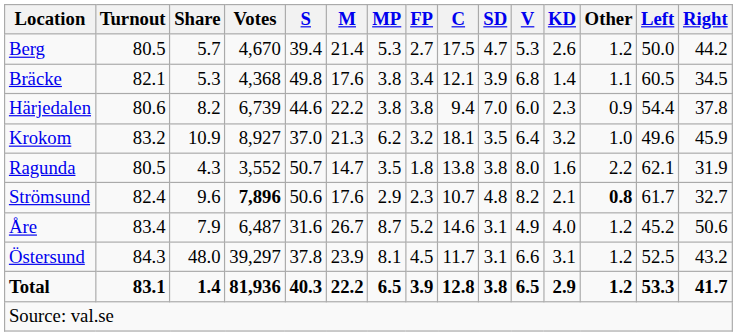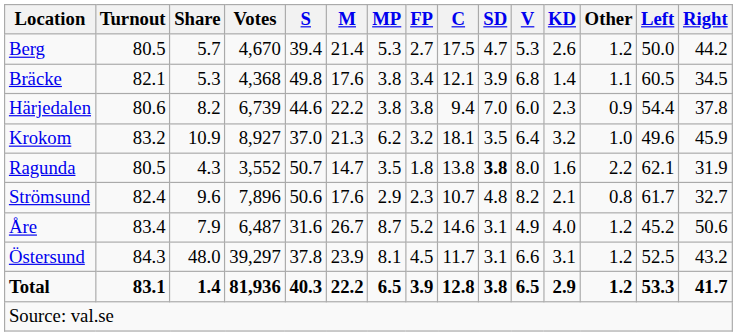 <table class="wikitable sortable" style=text-align:right>
 <tr>
 <th>Location</th>
 <th>Turnout</th>
 <th>Share</th>
 <th>Votes</th>
 <th><a href='#'>S</a></th>
 <th><a href='#'>M</a></th>
 <th><a href='#'>MP</a></th>
 <th><a href='#'>FP</a></th>
 <th><a href='#'>C</a></th>
 <th><a href='#'>SD</a></th>
 <th><a href='#'>V</a></th>
 <th><a href='#'>KD</a></th>
 <th>Other</th>
 <th><a href='#'>Left</a></th>
 <th><a href='#'>Right</a></th>
 </tr>
 <tr>
 <td align=left><a href='#'>Berg</a></td>
 <td>80.5</td>
 <td>5.7</td>
 <td>4,670</td>
 <td>39.4</td>
 <td>21.4</td>
 <td>5.3</td>
 <td>2.7</td>
 <td>17.5</td>
 <td>4.7</td>
 <td>5.3</td>
 <td>2.6</td>
 <td>1.2</td>
 <td>50.0</td>
 <td>44.2</td>
 </tr>
 <tr>
 <td align=left><a href='#'>Bräcke</a></td>
 <td>82.1</td>
 <td>5.3</td>
 <td>4,368</td>
 <td>49.8</td>
 <td>17.6</td>
 <td>3.8</td>
 <td>3.4</td>
 <td>12.1</td>
 <td>3.9</td>
 <td>6.8</td>
 <td>1.4</td>
 <td>1.1</td>
 <td>60.5</td>
 <td>34.5</td>
 </tr>
 <tr>
 <td align=left><a href='#'>Härjedalen</a></td>
 <td>80.6</td>
 <td>8.2</td>
 <td>6,739</td>
 <td>44.6</td>
 <td>22.2</td>
 <td>3.8</td>
 <td>3.8</td>
 <td>9.4</td>
 <td>7.0</td>
 <td>6.0</td>
 <td>2.3</td>
 <td>0.9</td>
 <td>54.4</td>
 <td>37.8</td>
 </tr>
 <tr>
 <td align=left><a href='#'>Krokom</a></td>
 <td>83.2</td>
 <td>10.9</td>
 <td>8,927</td>
 <td>37.0</td>
 <td>21.3</td>
 <td>6.2</td>
 <td>3.2</td>
 <td>18.1</td>
 <td>3.5</td>
 <td>6.4</td>
 <td>3.2</td>
 <td>1.0</td>
 <td>49.6</td>
 <td>45.9</td>
 </tr>
 <tr>
 <td align=left><a href='#'>Ragunda</a></td>
 <td>80.5</td>
 <td>4.3</td>
 <td>3,552</td>
 <td>50.7</td>
 <td>14.7</td>
 <td>3.5</td>
 <td>1.8</td>
 <td>13.8</td>
-<td>3.8</td>
+<td><strong>3.8</strong></td>
 <td>8.0</td>
 <td>1.6</td>
 <td>2.2</td>
 <td>62.1</td>
 <td>31.9</td>
 </tr>
 <tr>
 <td align=left><a href='#'>Strömsund</a></td>
 <td>82.4</td>
 <td>9.6</td>
-<td><strong>7,896</strong></td>
+<td>7,896</td>
 <td>50.6</td>
 <td>17.6</td>
 <td>2.9</td>
 <td>2.3</td>
 <td>10.7</td>
 <td>4.8</td>
 <td>8.2</td>
 <td>2.1</td>
-<td><strong>0.8</strong></td>
+<td>0.8</td>
 <td>61.7</td>
 <td>32.7</td>
 </tr>
 <tr>
 <td align=left><a href='#'>Åre</a></td>
 <td>83.4</td>
 <td>7.9</td>
 <td>6,487</td>
 <td>31.6</td>
 <td>26.7</td>
 <td>8.7</td>
 <td>5.2</td>
 <td>14.6</td>
 <td>3.1</td>
 <td>4.9</td>
 <td>4.0</td>
 <td>1.2</td>
 <td>45.2</td>
 <td>50.6</td>
 </tr>
 <tr>
 <td align=left><a href='#'>Östersund</a></td>
 <td>84.3</td>
 <td>48.0</td>
 <td>39,297</td>
 <td>37.8</td>
 <td>23.9</td>
 <td>8.1</td>
 <td>4.5</td>
 <td>11.7</td>
 <td>3.1</td>
 <td>6.6</td>
 <td>3.1</td>
 <td>1.2</td>
 <td>52.5</td>
 <td>43.2</td>
 </tr>
 <tr>
 <td align=left><strong>Total</strong></td>
 <td><strong>83.1</strong></td>
 <td><strong>1.4</strong></td>
 <td><strong>81,936</strong></td>
 <td><strong>40.3</strong></td>
 <td><strong>22.2</strong></td>
 <td><strong>6.5</strong></td>
 <td><strong>3.9</strong></td>
 <td><strong>12.8</strong></td>
 <td><strong>3.8</strong></td>
 <td><strong>6.5</strong></td>
 <td><strong>2.9</strong></td>
 <td><strong>1.2</strong></td>
 <td><strong>53.3</strong></td>
 <td><strong>41.7</strong></td>
 </tr>
 <tr>
 <td align=left colspan=15>Source: val.se </td>
 </tr>
 </table>
